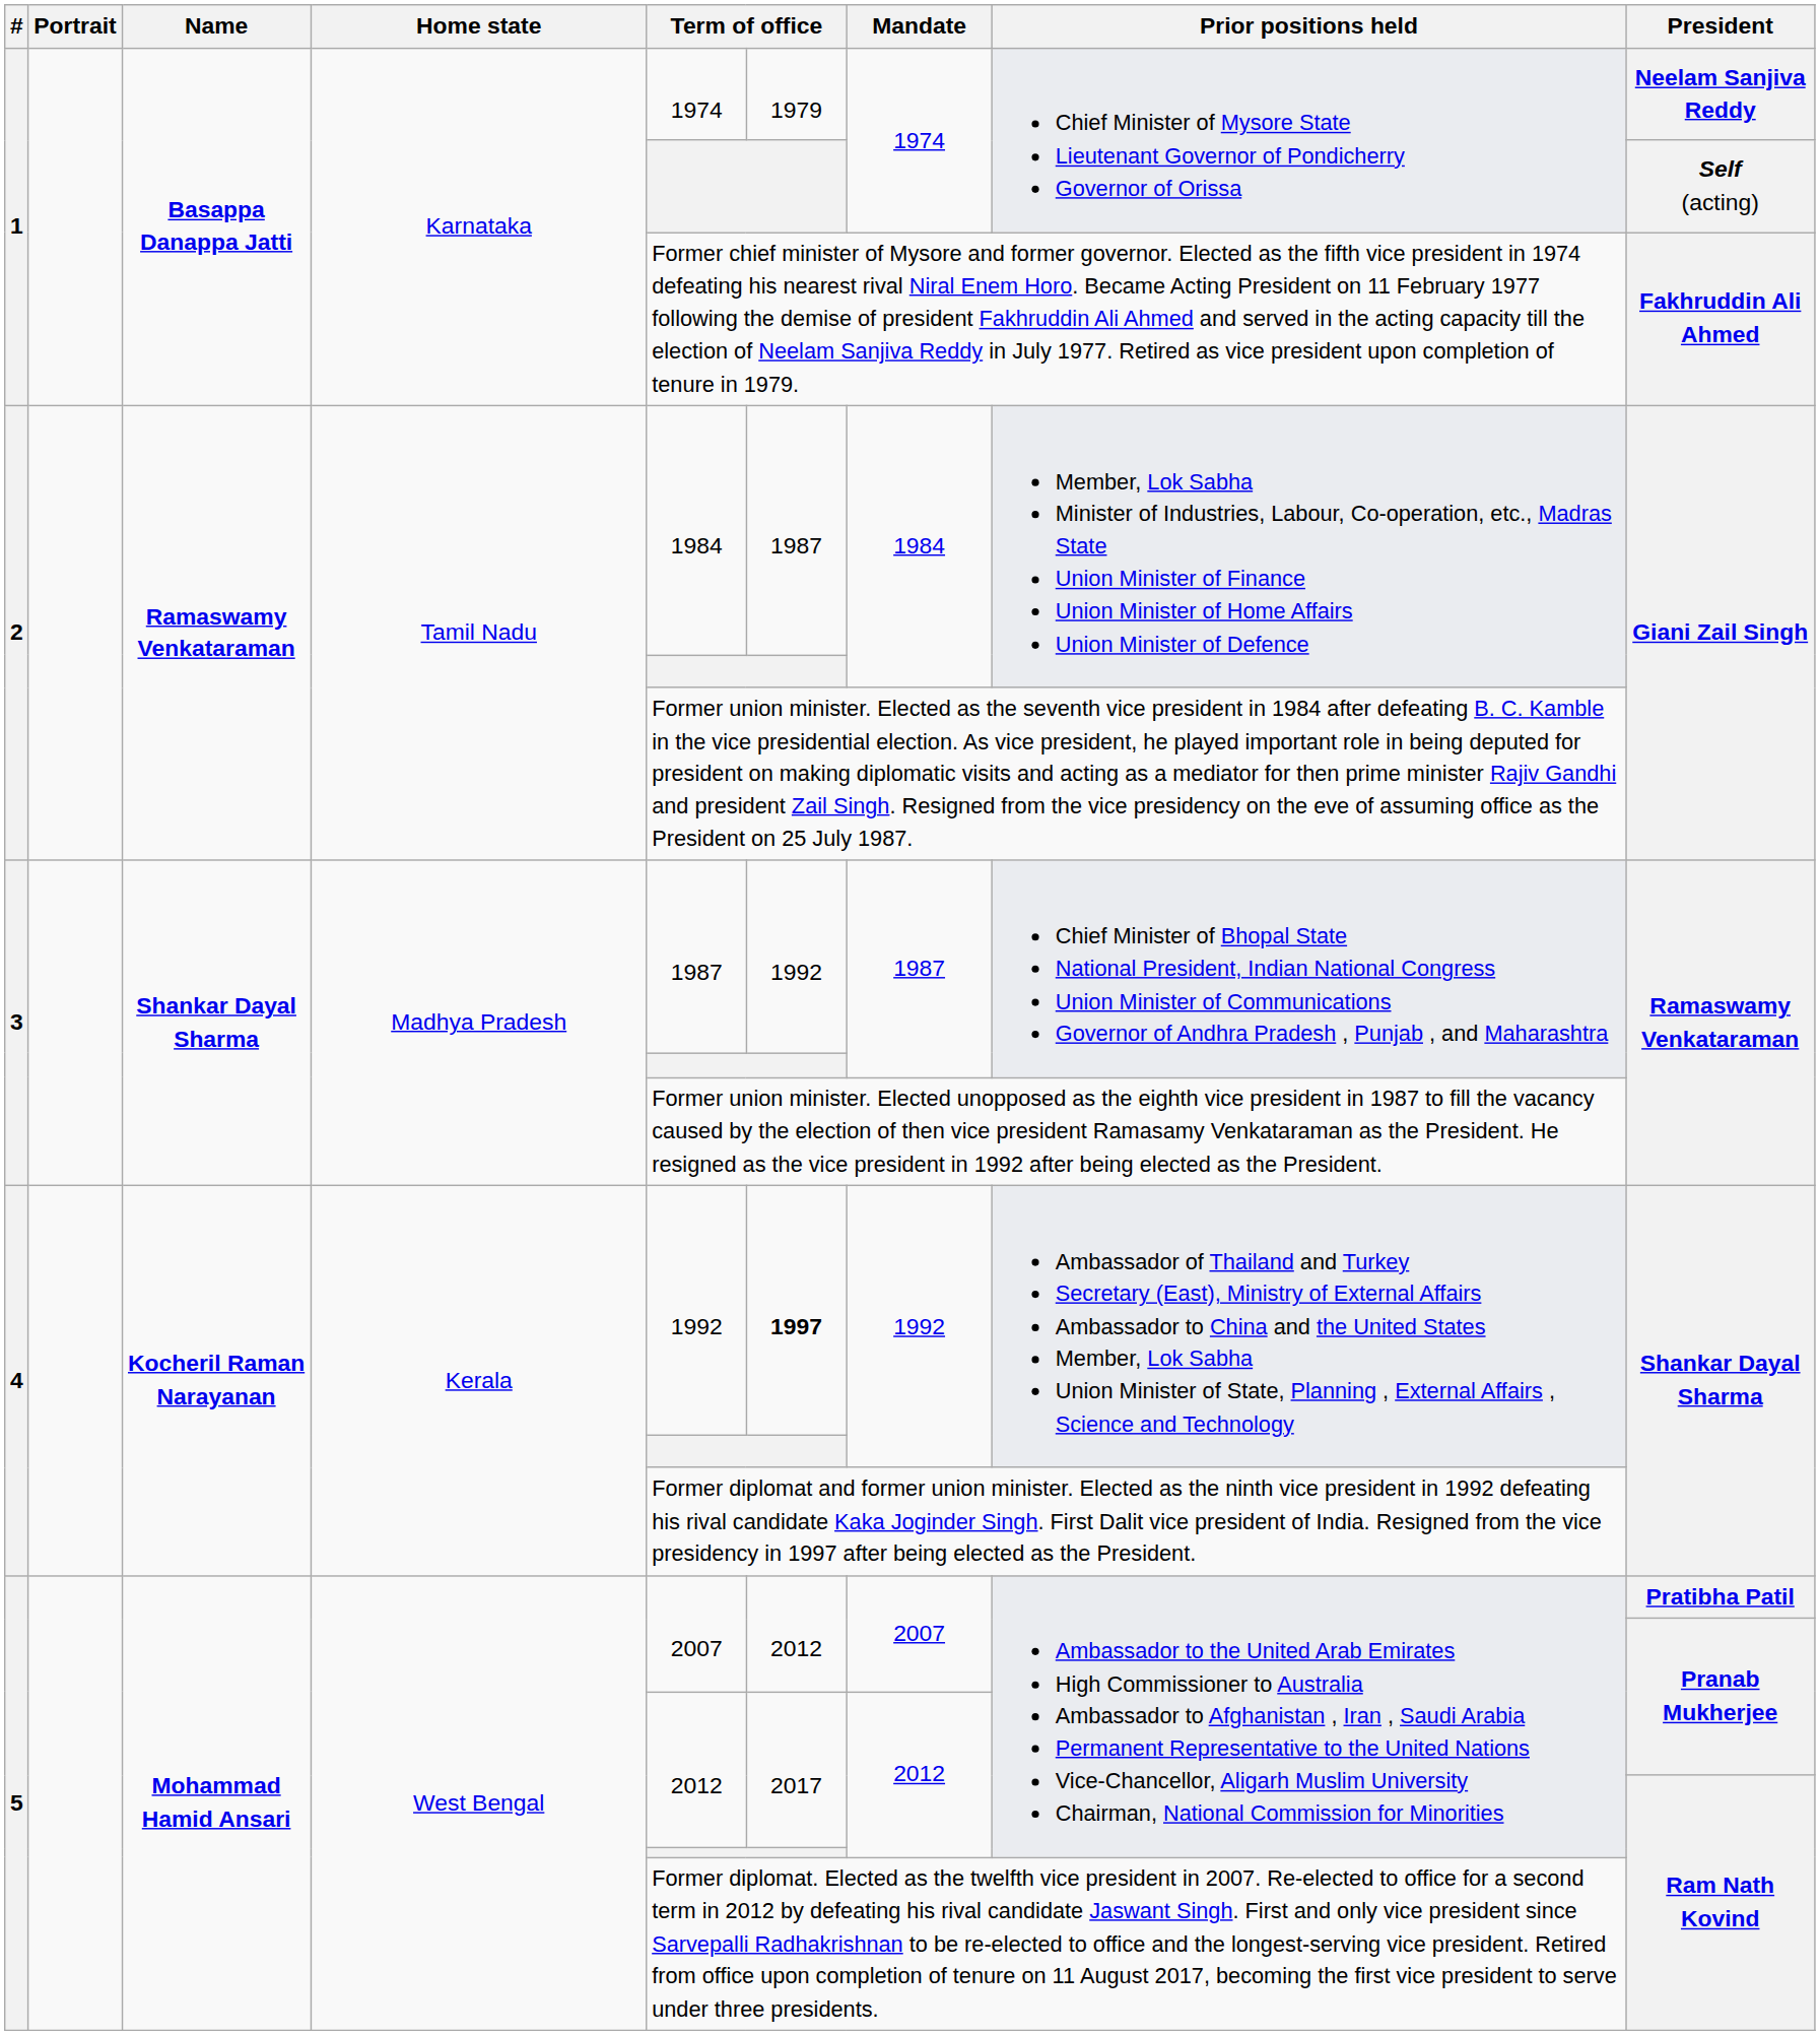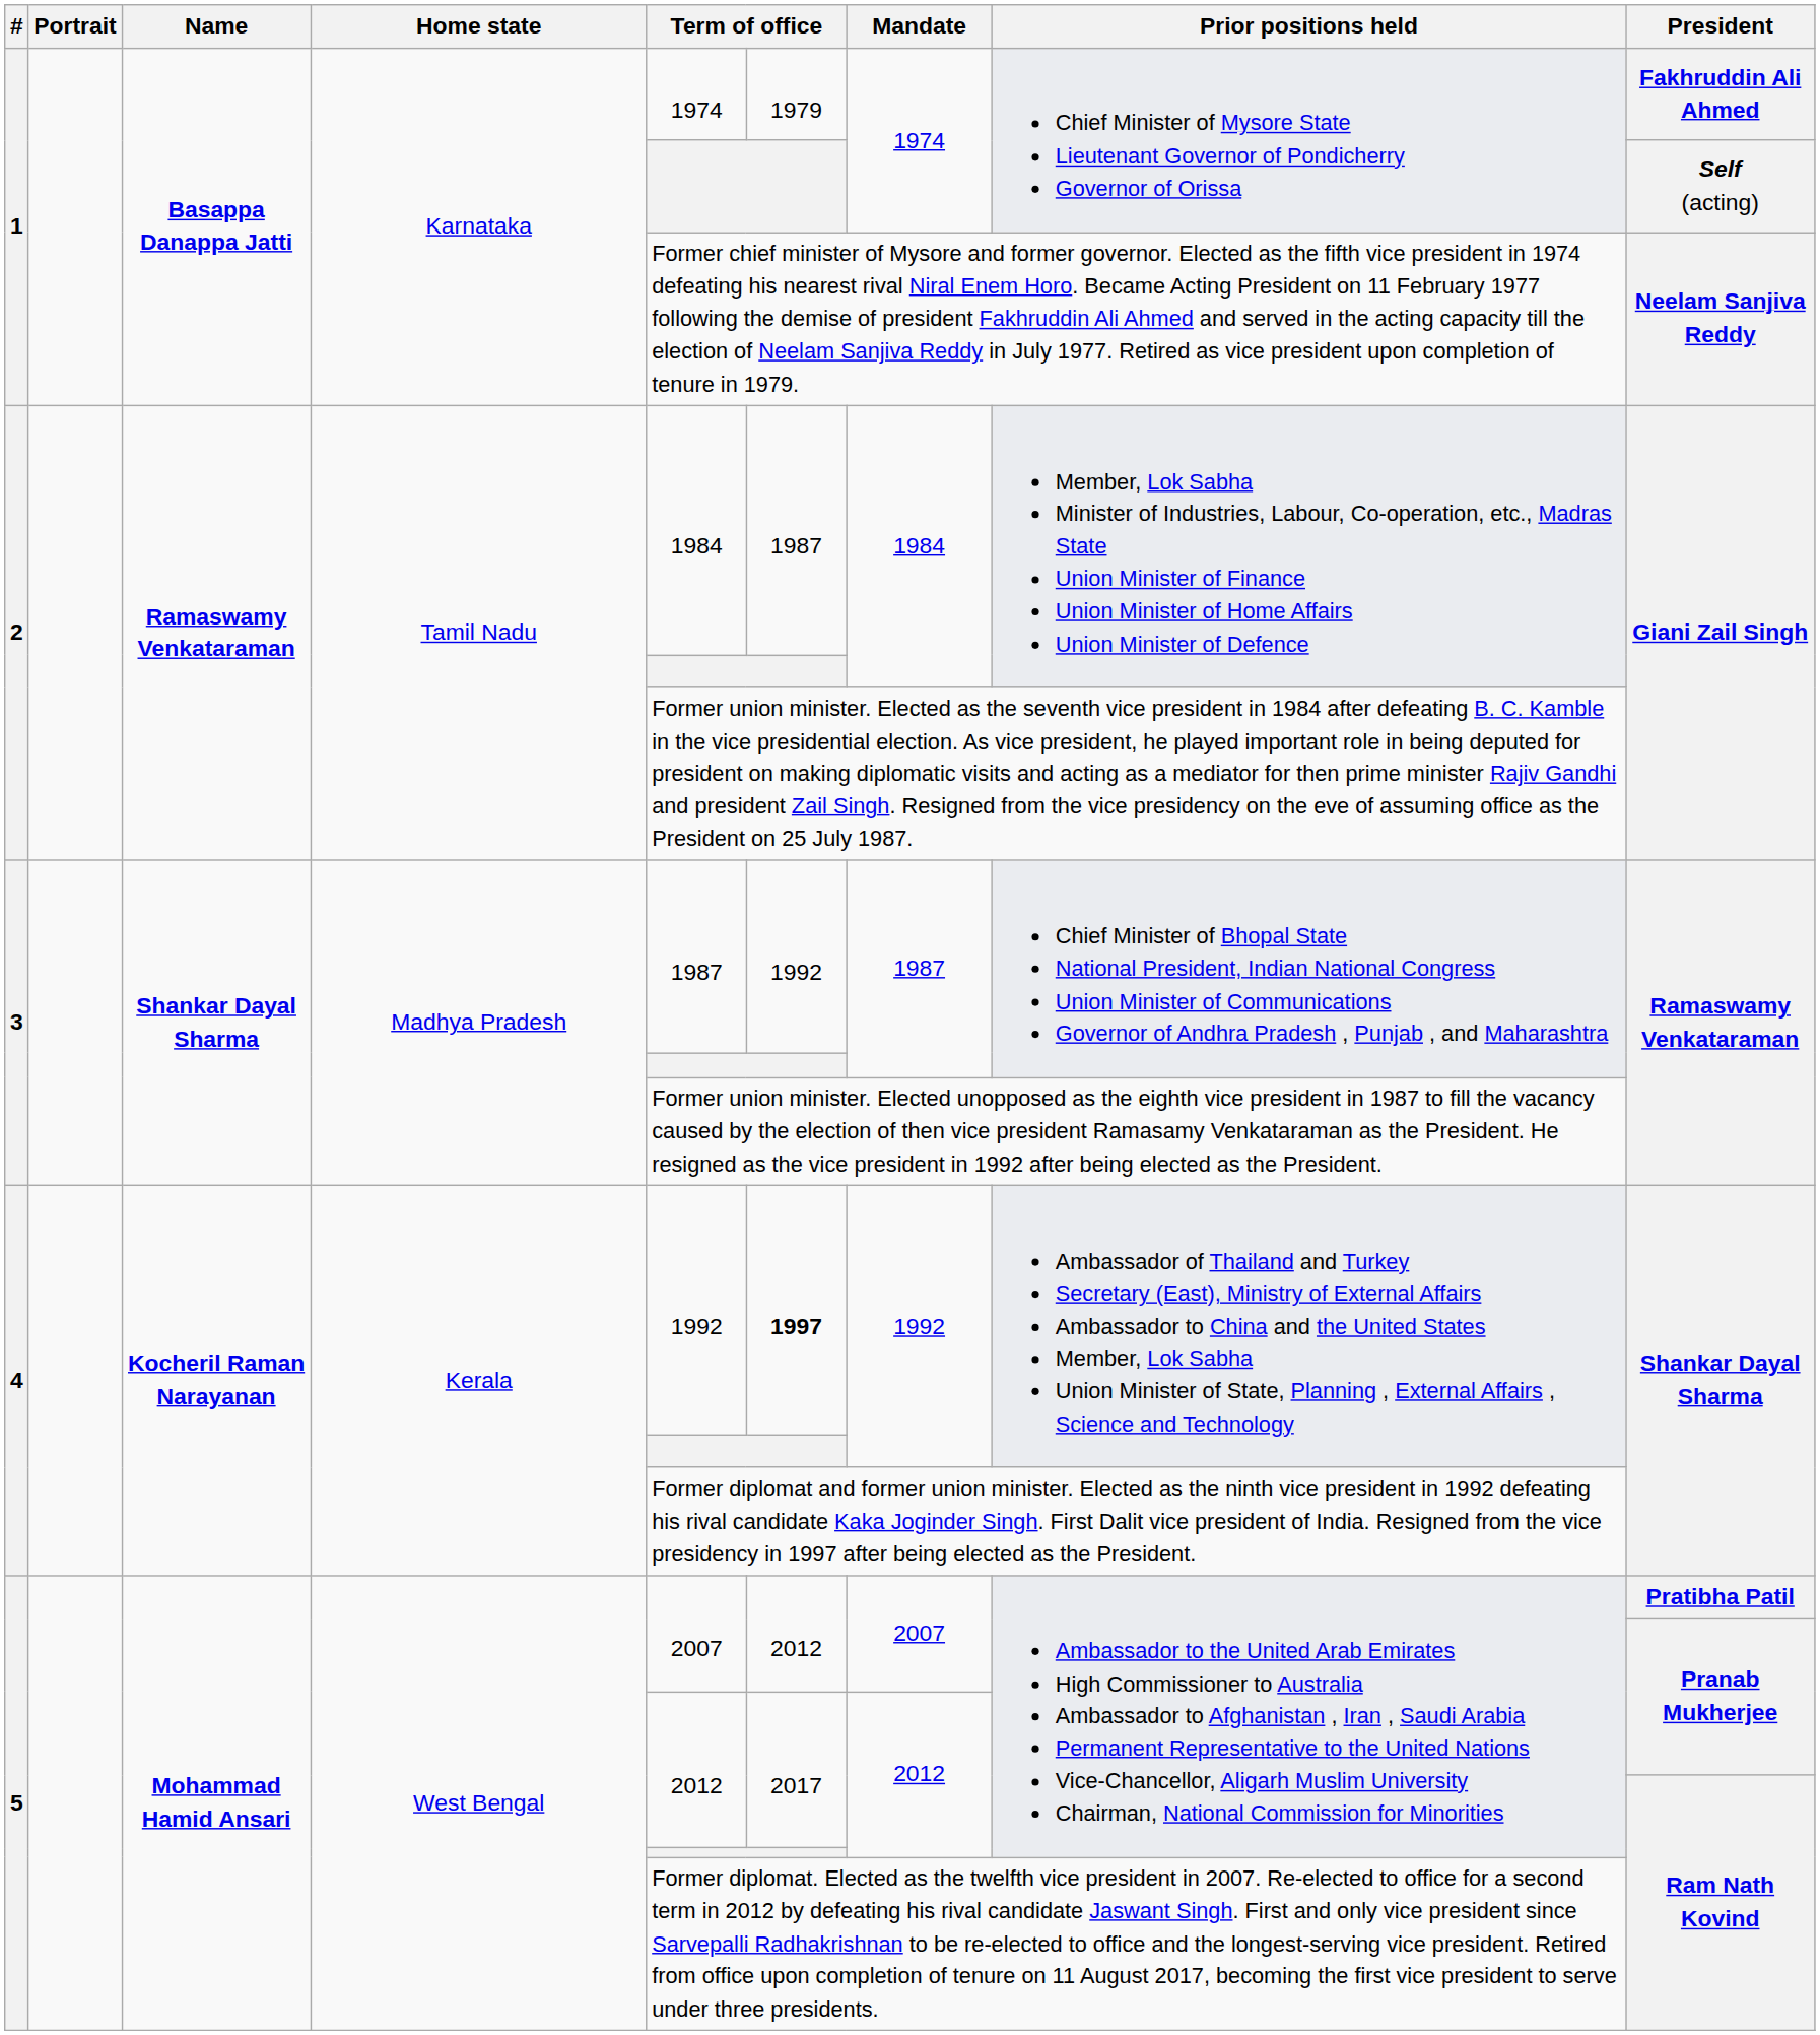 <table class="wikitable" style="line-height:1.4em; text-align:center">
 <tr>
 <th>#</th>
 <th>Portrait</th>
 <th>Name<br></th>
 <th style="width:14em">Home state</th>
 <th colspan="2" style="width:7em">Term of office<br></th>
 <th>Mandate</th>
 <th>Prior positions held</th>
 <th>President<br></th>
 </tr>
 <tr>
 <th rowspan="3">1</th>
 <td rowspan="3"></td>
 <td rowspan="3"><strong><a href='#'>Basappa Danappa Jatti</a></strong><br></td>
 <td rowspan="3"><a href='#'>Karnataka</a></td>
 <td><br>1974</td>
 <td><br>1979</td>
 <td rowspan="2"><a href='#'>1974</a><br></td>
 <td rowspan="2" align="left" style="background:#eaecf0; font-size:95%"><br><ul><li>Chief Minister of <a href='#'>Mysore State</a> </li><li><a href='#'>Lieutenant Governor of Pondicherry</a> </li><li><a href='#'>Governor of Orissa</a> </li></ul></td>
-<th style="font-weight:normal"><strong><a href='#'>Neelam Sanjiva Reddy</a></strong><br></th>
+<th><strong><a href='#'>Fakhruddin Ali Ahmed</a></strong><br></th>
 </tr>
 <tr>
 <th colspan="2" style="font-size:90%; font-weight:normal"></th>
 <th style="font-weight:normal"><strong><em>Self</em></strong><br>(acting) </th>
 </tr>
 <tr>
 <td colspan="4" align="left" style="font-size:95%">Former chief minister of Mysore and former governor. Elected as the fifth vice president in 1974 defeating his nearest rival <a href='#'>Niral Enem Horo</a>. Became Acting President on 11 February 1977 following the demise of president <a href='#'>Fakhruddin Ali Ahmed</a> and served in the acting capacity till the election of <a href='#'>Neelam Sanjiva Reddy</a> in July 1977. Retired as vice president upon completion of tenure in 1979.</td>
-<th><strong><a href='#'>Fakhruddin Ali Ahmed</a></strong><br></th>
+<th style="font-weight:normal"><strong><a href='#'>Neelam Sanjiva Reddy</a></strong><br></th>
 </tr>
 <tr>
 <th rowspan="3">2</th>
 <td rowspan="3"></td>
 <td rowspan="3"><strong><a href='#'>Ramaswamy Venkataraman</a></strong><br></td>
 <td rowspan="3"><a href='#'>Tamil Nadu</a></td>
 <td><br>1984</td>
 <td><br>1987</td>
 <td rowspan="2"><a href='#'>1984</a><br></td>
 <td rowspan="2" align="left" style="background:#eaecf0; font-size:95%"><br><ul><li>Member, <a href='#'>Lok Sabha</a> </li><li>Minister of Industries, Labour, Co-operation, etc., <a href='#'>Madras State</a> </li><li><a href='#'>Union Minister of Finance</a> </li><li><a href='#'>Union Minister of Home Affairs</a> </li><li><a href='#'>Union Minister of Defence</a> </li></ul></td>
 <th rowspan="3"><strong><a href='#'>Giani Zail Singh</a></strong><br></th>
 </tr>
 <tr>
 <th colspan="2" style="font-size:90%; font-weight:normal"></th>
 </tr>
 <tr>
 <td colspan="4" align="left" style="font-size:95%">Former union minister. Elected as the seventh vice president in 1984 after defeating <a href='#'>B. C. Kamble</a> in the vice presidential election. As vice president, he played important role in being deputed for president on making diplomatic visits and acting as a mediator for then prime minister <a href='#'>Rajiv Gandhi</a> and president <a href='#'>Zail Singh</a>. Resigned from the vice presidency on the eve of assuming office as the President on 25 July 1987.</td>
 </tr>
 <tr>
 <th rowspan="3">3</th>
 <td rowspan="3"></td>
 <td rowspan="3"><strong><a href='#'>Shankar Dayal Sharma</a></strong><br></td>
 <td rowspan="3"><a href='#'>Madhya Pradesh</a></td>
 <td><br>1987</td>
 <td><br>1992</td>
 <td rowspan="2"><a href='#'>1987</a><br></td>
 <td rowspan="2" align="left" style="background:#eaecf0; font-size:95%"><br><ul><li>Chief Minister of <a href='#'>Bhopal State</a> </li><li><a href='#'>National President, Indian National Congress</a> </li><li><a href='#'>Union Minister of Communications</a> </li><li><a href='#'>Governor of Andhra Pradesh</a> , <a href='#'>Punjab</a> , and <a href='#'>Maharashtra</a> </li></ul></td>
 <th rowspan="3" style="font-weight:normal"><strong><a href='#'>Ramaswamy Venkataraman</a></strong><br></th>
 </tr>
 <tr>
 <th colspan="2" style="font-size:90%; font-weight:normal"></th>
 </tr>
 <tr>
 <td colspan="4" align="left" style="font-size:95%">Former union minister. Elected unopposed as the eighth vice president in 1987 to fill the vacancy caused by the election of then vice president Ramasamy Venkataraman as the President. He resigned as the vice president in 1992 after being elected as the President.</td>
 </tr>
 <tr>
 <th rowspan="3">4</th>
 <td rowspan="3"></td>
 <td rowspan="3"><strong><a href='#'>Kocheril Raman Narayanan</a></strong><br></td>
 <td rowspan="3"><a href='#'>Kerala</a></td>
 <td><br>1992</td>
 <td><strong><br>1997</strong></td>
 <td rowspan="2"><a href='#'>1992</a><br></td>
 <td rowspan="2" align="left" style="background:#eaecf0; font-size:95%"><br><ul><li>Ambassador of <a href='#'>Thailand</a>  and <a href='#'>Turkey</a> </li><li><a href='#'>Secretary (East), Ministry of External Affairs</a> </li><li>Ambassador to <a href='#'>China</a>  and <a href='#'>the United States</a> </li><li>Member, <a href='#'>Lok Sabha</a> </li><li>Union Minister of State, <a href='#'>Planning</a> , <a href='#'>External Affairs</a> , <a href='#'>Science and Technology</a> </li></ul></td>
 <th rowspan="3" style="font-weight:normal"><strong><a href='#'>Shankar Dayal Sharma</a></strong><br></th>
 </tr>
 <tr>
 <th colspan="2" style="font-size:90%; font-weight:normal"></th>
 </tr>
 <tr>
 <td colspan="4" align="left" style="font-size:95%">Former diplomat and former union minister. Elected as the ninth vice president in 1992 defeating his rival candidate <a href='#'>Kaka Joginder Singh</a>. First Dalit vice president of India. Resigned from the vice presidency in 1997 after being elected as the President.</td>
 </tr>
 <tr>
 <th rowspan="6">5</th>
 <td rowspan="6"></td>
 <td rowspan="6"><strong><a href='#'>Mohammad Hamid Ansari</a></strong><br></td>
 <td rowspan="6"><a href='#'>West Bengal</a></td>
 <td rowspan="2"><br>2007</td>
 <td rowspan="2"><br>2012</td>
 <td rowspan="2"><a href='#'>2007</a><br></td>
 <td rowspan="5" align="left" style="background:#eaecf0; font-size:95%"><br><ul><li><a href='#'>Ambassador to the United Arab Emirates</a> </li><li>High Commissioner to <a href='#'>Australia</a> </li><li>Ambassador to <a href='#'>Afghanistan</a> , <a href='#'>Iran</a> , <a href='#'>Saudi Arabia</a> </li><li><a href='#'>Permanent Representative to the United Nations</a> </li><li>Vice-Chancellor, <a href='#'>Aligarh Muslim University</a> </li><li>Chairman, <a href='#'>National Commission for Minorities</a> </li></ul></td>
 <th style="font-weight:normal"><strong><a href='#'>Pratibha Patil</a></strong><br></th>
 </tr>
 <tr>
 <th rowspan="2" style="font-weight:normal"><strong><a href='#'>Pranab Mukherjee</a></strong><br></th>
 </tr>
 <tr>
 <td rowspan="2"><br>2012</td>
 <td rowspan="2"><br>2017</td>
 <td rowspan="3"><a href='#'>2012</a><br></td>
 </tr>
 <tr>
 <th rowspan="3" style="font-weight:normal"><strong><a href='#'>Ram Nath Kovind</a></strong><br></th>
 </tr>
 <tr>
 <th colspan="2" style="font-size:90%; font-weight:normal"></th>
 </tr>
 <tr>
 <td colspan="4" align="left" style="font-size:95%">Former diplomat. Elected as the twelfth vice president in 2007. Re-elected to office for a second term in 2012 by defeating his rival candidate <a href='#'>Jaswant Singh</a>. First and only vice president since <a href='#'>Sarvepalli Radhakrishnan</a> to be re-elected to office and the longest-serving vice president. Retired from office upon completion of tenure on 11 August 2017, becoming the first vice president to serve under three presidents.</td>
 </tr>
 <tr>
 </tr>
 </table>
